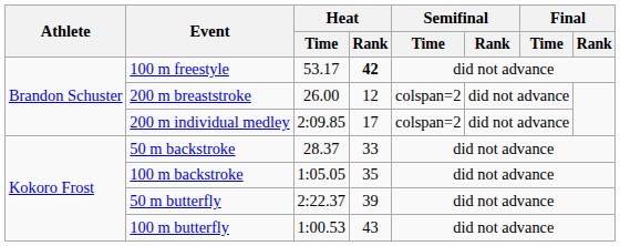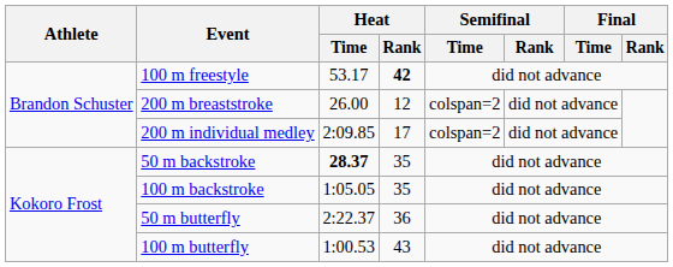 <table class=wikitable style=font-size:90%>
 <tr>
 <th rowspan=2>Athlete</th>
 <th rowspan=2>Event</th>
 <th colspan=2>Heat</th>
 <th colspan=2>Semifinal</th>
 <th colspan=2>Final</th>
 </tr>
 <tr style=font-size:95%>
 <th>Time</th>
 <th>Rank</th>
 <th>Time</th>
 <th>Rank</th>
 <th>Time</th>
 <th>Rank</th>
 </tr>
 <tr align=center>
 <td align=left rowspan=3><a href='#'>Brandon Schuster</a></td>
 <td align=left rowspan="1"><a href='#'>100 m freestyle</a></td>
 <td>53.17</td>
 <td><strong>42</strong></td>
 <td colspan=4>did not advance</td>
 </tr>
 <tr align=center>
 <td align=left rowspan="1"><a href='#'>200 m breaststroke</a></td>
 <td>26.00</td>
 <td>12</td>
 <td>colspan=2 </td>
 <td colspan=2>did not advance</td>
 </tr>
 <tr align=center>
 <td align=left rowspan="1"><a href='#'>200 m individual medley</a></td>
 <td>2:09.85</td>
 <td>17</td>
 <td>colspan=2 </td>
 <td colspan=2>did not advance</td>
 </tr>
 <tr align=center>
 <td align=left rowspan=4><a href='#'>Kokoro Frost</a></td>
 <td style="text-align:left;"><a href='#'>50 m backstroke</a></td>
-<td>28.37</td>
-<td>33</td>
+<td><strong>28.37</strong></td>
+<td>35</td>
 <td colspan=4>did not advance</td>
 </tr>
 <tr align=center>
 <td style="text-align:left;"><a href='#'>100 m backstroke</a></td>
 <td>1:05.05</td>
 <td>35</td>
 <td colspan=4>did not advance</td>
 </tr>
 <tr align=center>
 <td align=left rowspan="1"><a href='#'>50 m butterfly</a></td>
 <td>2:22.37</td>
-<td>39</td>
+<td>36</td>
 <td colspan=4>did not advance</td>
 </tr>
 <tr align=center>
 <td align=left rowspan="1"><a href='#'>100 m butterfly</a></td>
 <td>1:00.53</td>
 <td>43</td>
 <td colspan=4>did not advance</td>
 </tr>
 </table>
